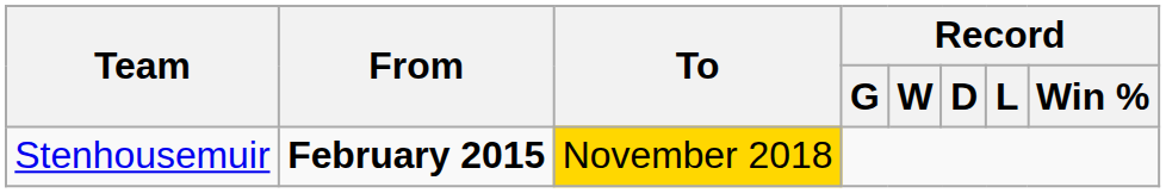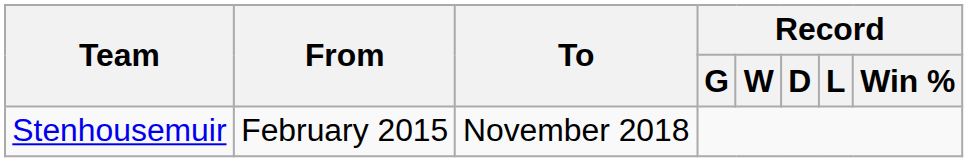 <table class="wikitable" style="text-align: center">
 <tr>
 <th rowspan="2">Team</th>
 <th rowspan="2">From</th>
 <th rowspan="2">To</th>
 <th colspan="5">Record</th>
 </tr>
 <tr>
 <th>G</th>
 <th>W</th>
 <th>D</th>
 <th>L</th>
 <th>Win %</th>
 </tr>
 <tr>
 <td align=left><a href='#'>Stenhousemuir</a></td>
-<td align=left><strong>February 2015</strong></td>
-<td align=left style="background: gold;">November 2018<br></td>
+<td align=left>February 2015</td>
+<td align=left>November 2018<br></td>
 </tr>
 </table>
